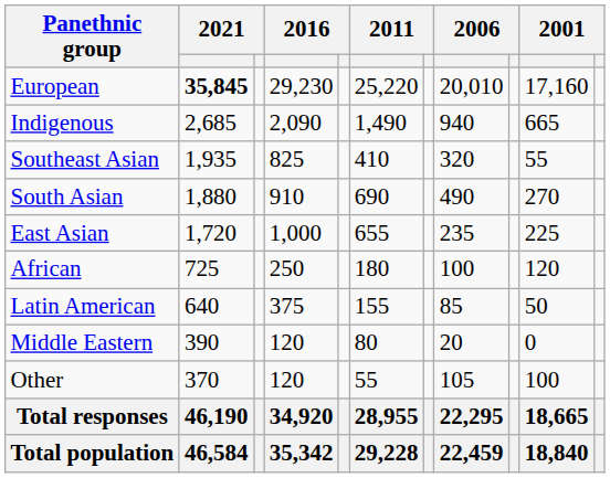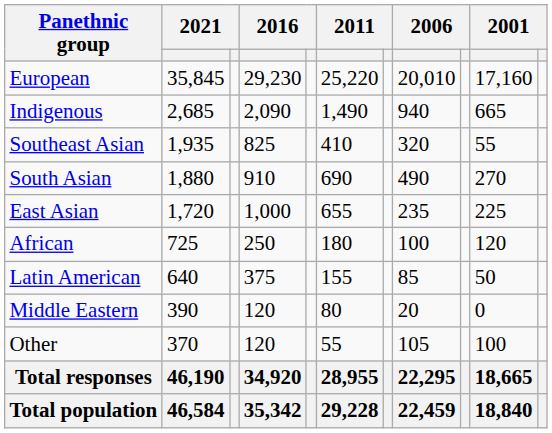 <table class="wikitable collapsible sortable">
 <tr>
 <th rowspan="2"><a href='#'>Panethnic</a><br>group</th>
 <th colspan="2">2021</th>
 <th colspan="2">2016</th>
 <th colspan="2">2011</th>
 <th colspan="2">2006</th>
 <th colspan="2">2001</th>
 </tr>
 <tr>
 <th><a href='#'></a></th>
 <th></th>
 <th></th>
 <th></th>
 <th></th>
 <th></th>
 <th></th>
 <th></th>
 <th></th>
 <th></th>
 </tr>
 <tr>
 <td><a href='#'>European</a></td>
-<td><strong>35,845</strong></td>
+<td>35,845</td>
 <td></td>
 <td>29,230</td>
 <td></td>
 <td>25,220</td>
 <td></td>
 <td>20,010</td>
 <td></td>
 <td>17,160</td>
 <td></td>
 </tr>
 <tr>
 <td><a href='#'>Indigenous</a></td>
 <td>2,685</td>
 <td></td>
 <td>2,090</td>
 <td></td>
 <td>1,490</td>
 <td></td>
 <td>940</td>
 <td></td>
 <td>665</td>
 <td></td>
 </tr>
 <tr>
 <td><a href='#'>Southeast Asian</a></td>
 <td>1,935</td>
 <td></td>
 <td>825</td>
 <td></td>
 <td>410</td>
 <td></td>
 <td>320</td>
 <td></td>
 <td>55</td>
 <td></td>
 </tr>
 <tr>
 <td><a href='#'>South Asian</a></td>
 <td>1,880</td>
 <td></td>
 <td>910</td>
 <td></td>
 <td>690</td>
 <td></td>
 <td>490</td>
 <td></td>
 <td>270</td>
 <td></td>
 </tr>
 <tr>
 <td><a href='#'>East Asian</a></td>
 <td>1,720</td>
 <td></td>
 <td>1,000</td>
 <td></td>
 <td>655</td>
 <td></td>
 <td>235</td>
 <td></td>
 <td>225</td>
 <td></td>
 </tr>
 <tr>
 <td><a href='#'>African</a></td>
 <td>725</td>
 <td></td>
 <td>250</td>
 <td></td>
 <td>180</td>
 <td></td>
 <td>100</td>
 <td></td>
 <td>120</td>
 <td></td>
 </tr>
 <tr>
 <td><a href='#'>Latin American</a></td>
 <td>640</td>
 <td></td>
 <td>375</td>
 <td></td>
 <td>155</td>
 <td></td>
 <td>85</td>
 <td></td>
 <td>50</td>
 <td></td>
 </tr>
 <tr>
 <td><a href='#'>Middle Eastern</a></td>
 <td>390</td>
 <td></td>
 <td>120</td>
 <td></td>
 <td>80</td>
 <td></td>
 <td>20</td>
 <td></td>
 <td>0</td>
 <td></td>
 </tr>
 <tr>
 <td>Other</td>
 <td>370</td>
 <td></td>
 <td>120</td>
 <td></td>
 <td>55</td>
 <td></td>
 <td>105</td>
 <td></td>
 <td>100</td>
 <td></td>
 </tr>
 <tr>
 <th>Total responses</th>
 <th>46,190</th>
 <th></th>
 <th>34,920</th>
 <th></th>
 <th>28,955</th>
 <th></th>
 <th>22,295</th>
 <th></th>
 <th>18,665</th>
 <th></th>
 </tr>
 <tr>
 <th>Total population</th>
 <th>46,584</th>
 <th></th>
 <th>35,342</th>
 <th></th>
 <th>29,228</th>
 <th></th>
 <th>22,459</th>
 <th></th>
 <th>18,840</th>
 <th></th>
 </tr>
 </table>
